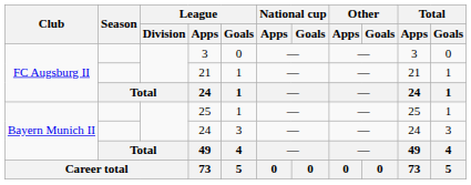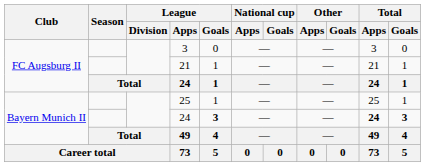 <table class="wikitable" style="text-align:center">
 <tr>
 <th rowspan="2">Club</th>
 <th rowspan="2">Season</th>
 <th colspan="3">League</th>
 <th colspan="2">National cup</th>
 <th colspan="2">Other</th>
 <th colspan="2">Total</th>
 </tr>
 <tr>
 <th>Division</th>
 <th>Apps</th>
 <th>Goals</th>
 <th>Apps</th>
 <th>Goals</th>
 <th>Apps</th>
 <th>Goals</th>
 <th>Apps</th>
 <th>Goals</th>
 </tr>
 <tr>
 <td rowspan="3"><a href='#'>FC Augsburg II</a></td>
 <td></td>
 <td rowspan="2"></td>
 <td>3</td>
 <td>0</td>
 <td colspan="2">—</td>
 <td colspan="2">—</td>
 <td>3</td>
 <td>0</td>
 </tr>
 <tr>
 <td></td>
 <td>21</td>
 <td>1</td>
 <td colspan="2">—</td>
 <td colspan="2">—</td>
 <td>21</td>
 <td>1</td>
 </tr>
 <tr>
 <th colspan="2">Total</th>
 <th>24</th>
 <th>1</th>
 <th colspan="2">—</th>
 <th colspan="2">—</th>
 <th>24</th>
 <th>1</th>
 </tr>
 <tr>
 <td rowspan="3"><a href='#'>Bayern Munich II</a></td>
 <td></td>
 <td rowspan="2"></td>
 <td>25</td>
 <td>1</td>
 <td colspan="2">—</td>
 <td colspan="2">—</td>
 <td>25</td>
 <td>1</td>
 </tr>
 <tr>
 <td></td>
 <td>24</td>
-<td>3</td>
+<td><strong>3</strong></td>
 <td colspan="2">—</td>
 <td colspan="2">—</td>
-<td>24</td>
-<td>3</td>
+<td><strong>24</strong></td>
+<td><strong>3</strong></td>
 </tr>
 <tr>
 <th colspan="2">Total</th>
 <th>49</th>
 <th>4</th>
 <th colspan="2">—</th>
 <th colspan="2">—</th>
 <th>49</th>
 <th>4</th>
 </tr>
 <tr>
 <th colspan="3">Career total</th>
 <th>73</th>
 <th>5</th>
 <th>0</th>
 <th>0</th>
 <th>0</th>
 <th>0</th>
 <th>73</th>
 <th>5</th>
 </tr>
 </table>
